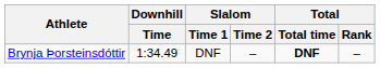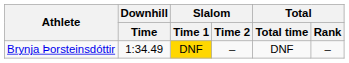 <table class="wikitable" style="font-size:90%">
 <tr>
 <th rowspan="2">Athlete</th>
 <th>Downhill</th>
 <th colspan="2">Slalom</th>
 <th colspan="2">Total</th>
 </tr>
 <tr>
 <th>Time</th>
 <th>Time 1</th>
 <th>Time 2</th>
 <th>Total time</th>
 <th>Rank</th>
 </tr>
 <tr>
 <td><a href='#'>Brynja Þorsteinsdóttir</a></td>
 <td align="center">1:34.49</td>
+<td align="center" style="background: gold;">DNF</td>
+<td align="center">–</td>
 <td align="center">DNF</td>
-<td align="center">–</td>
-<td align="center"><strong>DNF</strong></td>
 <td align="center">–</td>
 </tr>
 </table>
